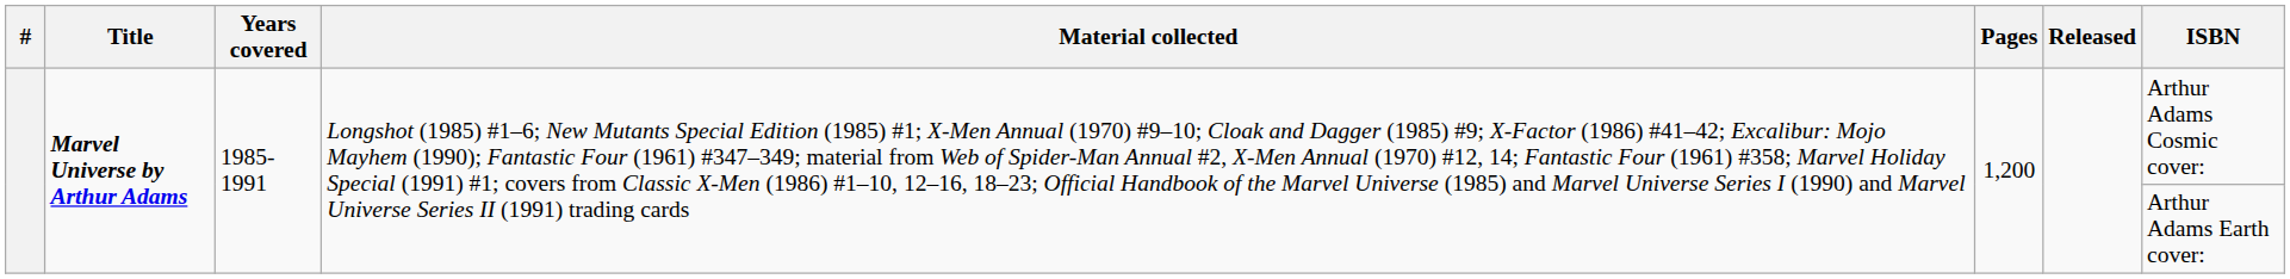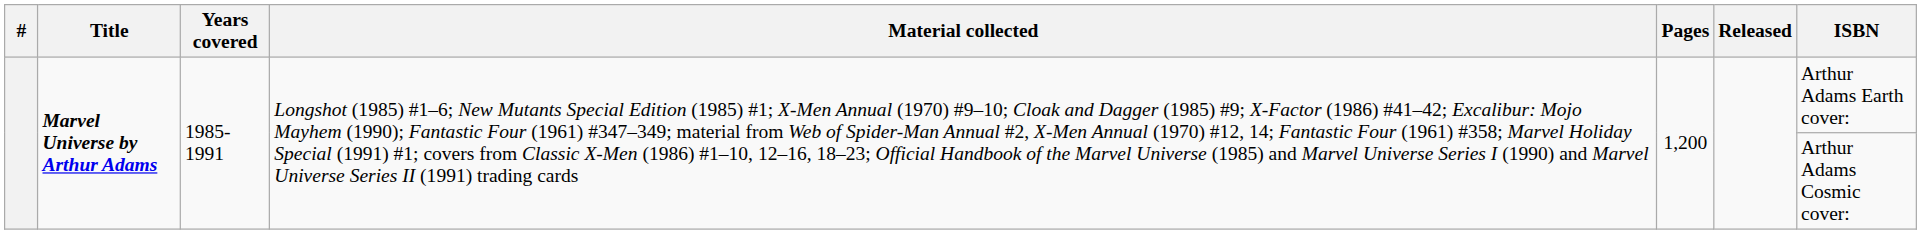 <table class="wikitable sortable" width=99%>
 <tr>
 <th class="unsortable" width=20px>#</th>
 <th>Title</th>
 <th>Years covered</th>
 <th class="unsortable">Material collected</th>
 <th>Pages</th>
 <th>Released</th>
 <th class="unsortable">ISBN</th>
 </tr>
 <tr>
 <th style="background-color: light grey;" rowspan=2></th>
 <td rowspan=2><strong><em>Marvel Universe by <a href='#'>Arthur Adams</a></em></strong></td>
 <td rowspan=2>1985-1991</td>
 <td rowspan=2><em>Longshot</em> (1985) #1–6; <em>New Mutants Special Edition</em> (1985) #1; <em>X-Men Annual</em> (1970) #9–10; <em>Cloak and Dagger</em> (1985) #9; <em>X-Factor</em> (1986) #41–42; <em>Excalibur: Mojo Mayhem</em> (1990); <em>Fantastic Four</em> (1961) #347–349; material from <em>Web of Spider-Man Annual</em> #2, <em>X-Men Annual</em> (1970) #12, 14; <em>Fantastic Four</em> (1961) #358; <em>Marvel Holiday Special</em> (1991) #1; covers from <em>Classic X-Men</em> (1986) #1–10, 12–16, 18–23; <em>Official Handbook of the Marvel Universe</em> (1985) and <em>Marvel Universe Series I</em> (1990) and <em>Marvel Universe Series II</em> (1991) trading cards</td>
 <td style="text-align: center;" rowspan=2>1,200</td>
 <td rowspan=2></td>
+<td>Arthur Adams Earth cover: </td>
+</tr>
+<tr>
 <td>Arthur Adams Cosmic cover: </td>
 </tr>
-<tr>
-<td>Arthur Adams Earth cover: </td>
-</tr>
 </table>
